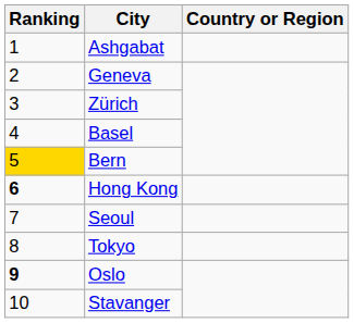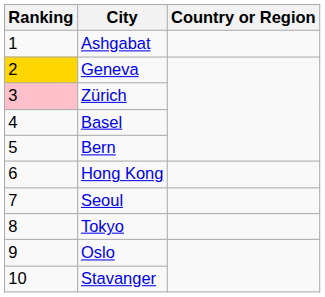 <table class="wikitable sortable">
 <tr>
 <th scope="col">Ranking</th>
 <th scope="col">City</th>
 <th scope="col">Country or Region</th>
 </tr>
 <tr>
 <td>1</td>
 <td><a href='#'>Ashgabat</a></td>
 <td></td>
 </tr>
 <tr>
-<td>2</td>
+<td style="background: gold;">2</td>
 <td><a href='#'>Geneva</a></td>
 <td rowspan="4"></td>
 </tr>
 <tr>
-<td>3</td>
+<td style="background: pink;">3</td>
 <td><a href='#'>Zürich</a></td>
 </tr>
 <tr>
 <td>4</td>
 <td><a href='#'>Basel</a></td>
 </tr>
 <tr>
-<td style="background: gold;">5</td>
+<td>5</td>
 <td><a href='#'>Bern</a></td>
 </tr>
 <tr>
-<td><strong>6</strong></td>
+<td>6</td>
 <td><a href='#'>Hong Kong</a></td>
 <td></td>
 </tr>
 <tr>
 <td>7</td>
 <td><a href='#'>Seoul</a></td>
 <td></td>
 </tr>
 <tr>
 <td>8</td>
 <td><a href='#'>Tokyo</a></td>
 <td></td>
 </tr>
 <tr>
-<td><strong>9</strong></td>
+<td>9</td>
 <td><a href='#'>Oslo</a></td>
 <td rowspan="2"></td>
 </tr>
 <tr>
 <td>10</td>
 <td><a href='#'>Stavanger</a></td>
 </tr>
 </table>
